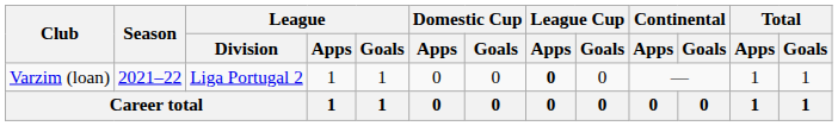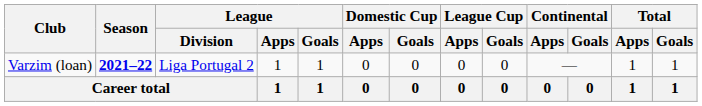 <table class="wikitable" Style="text-align: center">
 <tr>
 <th rowspan="2">Club</th>
 <th rowspan="2">Season</th>
 <th colspan="3">League</th>
 <th colspan="2">Domestic Cup</th>
 <th colspan="2">League Cup</th>
 <th colspan="2">Continental</th>
 <th colspan="2">Total</th>
 </tr>
 <tr>
 <th>Division</th>
 <th>Apps</th>
 <th>Goals</th>
 <th>Apps</th>
 <th>Goals</th>
 <th>Apps</th>
 <th>Goals</th>
 <th>Apps</th>
 <th>Goals</th>
 <th>Apps</th>
 <th>Goals</th>
 </tr>
 <tr>
 <td rowspan="1"><a href='#'>Varzim</a> (loan)</td>
-<td><a href='#'>2021–22</a></td>
+<td><strong><a href='#'>2021–22</a></strong></td>
 <td rowspan="1"><a href='#'>Liga Portugal 2</a></td>
 <td>1</td>
 <td>1</td>
 <td>0</td>
 <td>0</td>
-<td><strong>0</strong></td>
+<td>0</td>
 <td>0</td>
 <td colspan="2">—</td>
 <td>1</td>
 <td>1</td>
 </tr>
 <tr>
 <th colspan="3">Career total</th>
 <th>1</th>
 <th>1</th>
 <th>0</th>
 <th>0</th>
 <th>0</th>
 <th>0</th>
 <th>0</th>
 <th>0</th>
 <th>1</th>
 <th>1</th>
 </tr>
 </table>
